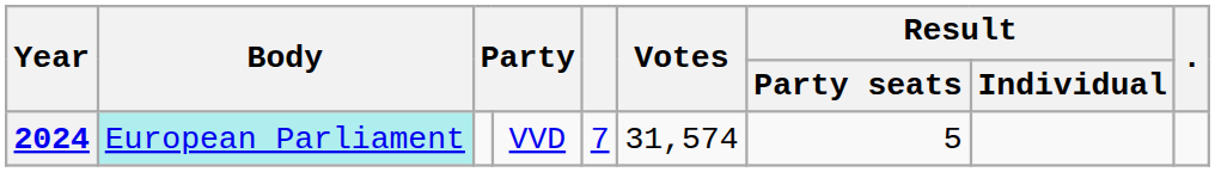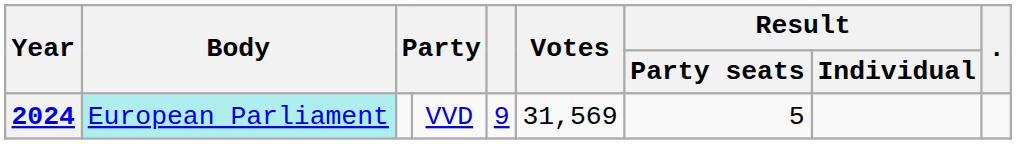 <table class="wikitable plainrowheaders sortable" border=2 cellpadding=4 cellspacing=0 style="border: 1px #aaa solid; font-size: 90%; text-align:center;">
 <tr>
 <th scope="col" rowspan=2>Year</th>
 <th scope="col" rowspan=2>Body</th>
 <th scope="col" colspan=2 rowspan=2>Party</th>
 <th scope="col" rowspan=2></th>
 <th scope="col" rowspan=2>Votes</th>
 <th scope="colgroup" colspan=2>Result</th>
 <th scope="col" rowspan=2>.</th>
 </tr>
 <tr>
 <th scope="col">Party seats</th>
 <th scope="col">Individual</th>
 </tr>
 <tr>
 <th scope="row"><a href='#'>2024</a></th>
 <td style="background: paleturquoise;"><a href='#'>European Parliament</a></td>
 <td style="background-color:"></td>
 <td><a href='#'>VVD</a></td>
-<td style=text-align:right><a href='#'>7</a></td>
-<td style=text-align:right>31,574</td>
+<td style=text-align:right><a href='#'>9</a></td>
+<td style=text-align:right>31,569</td>
 <td style=text-align:right>5</td>
 <td></td>
 <td></td>
 </tr>
 </table>
